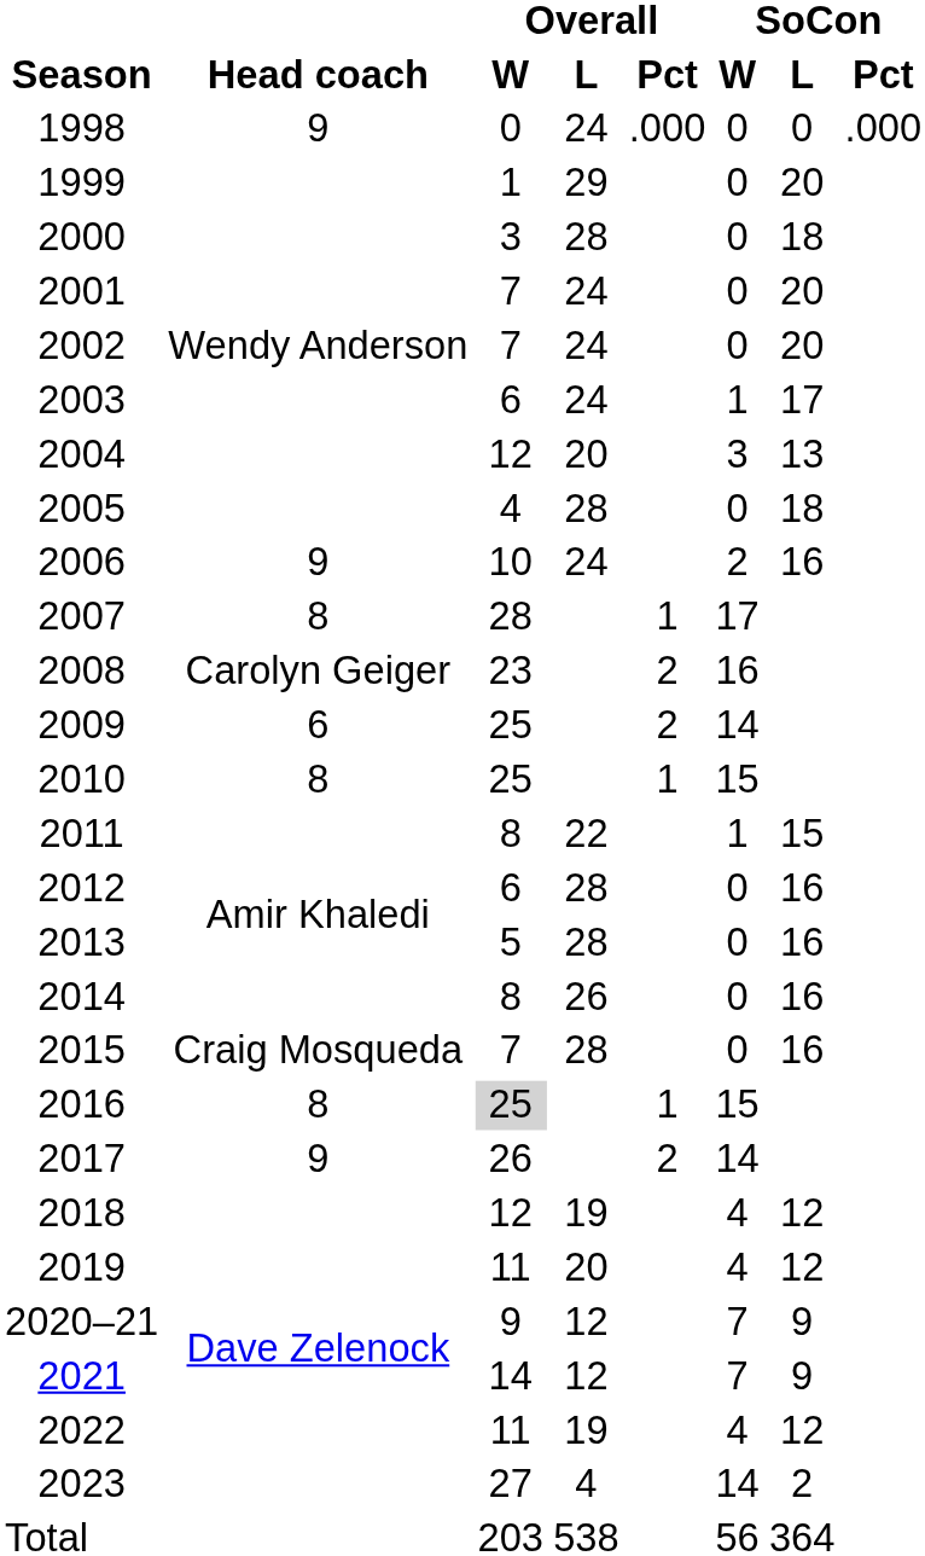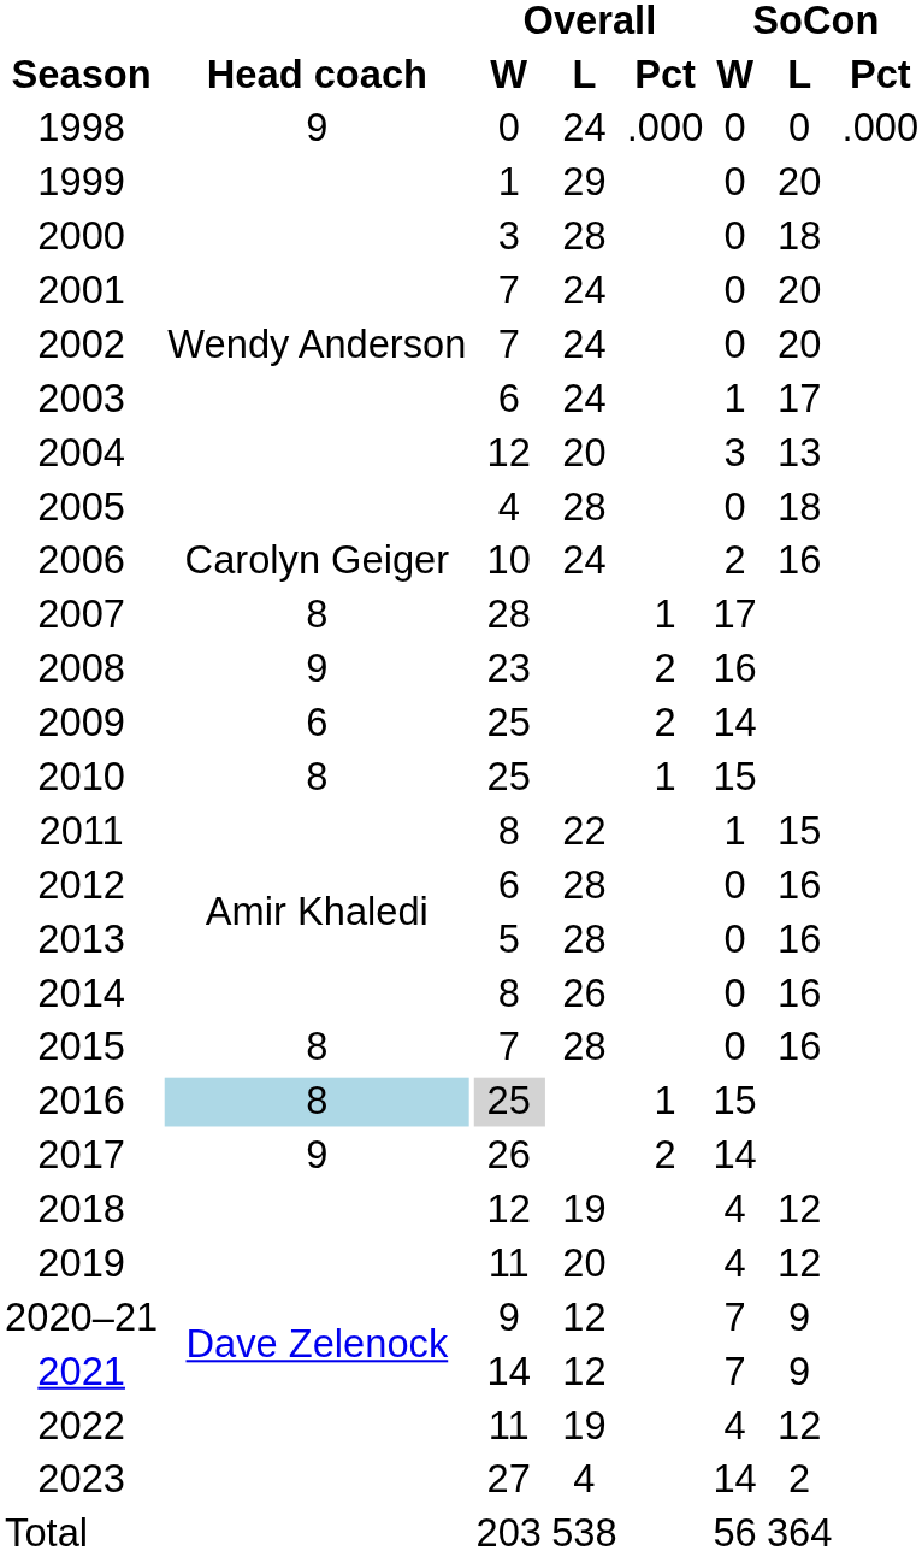 <table class="class="toccolours">
 <tr>
 <th></th>
 <th></th>
 <th colspan=3>Overall</th>
 <th colspan=3>SoCon</th>
 </tr>
 <tr>
 <th>Season</th>
 <th>Head coach</th>
 <th>W</th>
 <th>L</th>
 <th>Pct</th>
 <th>W</th>
 <th>L</th>
 <th>Pct</th>
 </tr>
 <tr align=center>
 <td>1998</td>
 <td>9</td>
 <td>0</td>
 <td>24</td>
 <td>.000</td>
 <td>0</td>
 <td>0</td>
 <td>.000</td>
 </tr>
 <tr align=center>
 <td>1999</td>
 <td rowspan=7>Wendy Anderson</td>
 <td>1</td>
 <td>29</td>
 <td></td>
 <td>0</td>
 <td>20</td>
 <td></td>
 </tr>
 <tr align=center>
 <td>2000</td>
 <td>3</td>
 <td>28</td>
 <td></td>
 <td>0</td>
 <td>18</td>
 <td></td>
 </tr>
 <tr align=center>
 <td>2001</td>
 <td>7</td>
 <td>24</td>
 <td></td>
 <td>0</td>
 <td>20</td>
 <td></td>
 </tr>
 <tr align=center>
 <td>2002</td>
 <td>7</td>
 <td>24</td>
 <td></td>
 <td>0</td>
 <td>20</td>
 <td></td>
 </tr>
 <tr align=center>
 <td>2003</td>
 <td>6</td>
 <td>24</td>
 <td></td>
 <td>1</td>
 <td>17</td>
 <td></td>
 </tr>
 <tr align=center>
 <td>2004</td>
 <td>12</td>
 <td>20</td>
 <td></td>
 <td>3</td>
 <td>13</td>
 <td></td>
 </tr>
 <tr align=center>
 <td>2005</td>
 <td>4</td>
 <td>28</td>
 <td></td>
 <td>0</td>
 <td>18</td>
 <td></td>
 </tr>
 <tr align=center>
 <td>2006</td>
-<td>9</td>
+<td>Carolyn Geiger</td>
 <td>10</td>
 <td>24</td>
 <td></td>
 <td>2</td>
 <td>16</td>
 <td></td>
 </tr>
 <tr align=center>
 <td>2007</td>
 <td>8</td>
 <td>28</td>
 <td></td>
 <td>1</td>
 <td>17</td>
 <td></td>
 </tr>
 <tr align=center>
 <td>2008</td>
-<td>Carolyn Geiger</td>
+<td>9</td>
 <td>23</td>
 <td></td>
 <td>2</td>
 <td>16</td>
 <td></td>
 </tr>
 <tr align=center>
 <td>2009</td>
 <td>6</td>
 <td>25</td>
 <td></td>
 <td>2</td>
 <td>14</td>
 <td></td>
 </tr>
 <tr align=center>
 <td>2010</td>
 <td>8</td>
 <td>25</td>
 <td></td>
 <td>1</td>
 <td>15</td>
 <td></td>
 </tr>
 <tr align=center>
 <td>2011</td>
 <td rowspan=4>Amir Khaledi</td>
 <td>8</td>
 <td>22</td>
 <td></td>
 <td>1</td>
 <td>15</td>
 <td></td>
 </tr>
 <tr align=center>
 <td>2012</td>
 <td>6</td>
 <td>28</td>
 <td></td>
 <td>0</td>
 <td>16</td>
 <td></td>
 </tr>
 <tr align=center>
 <td>2013</td>
 <td>5</td>
 <td>28</td>
 <td></td>
 <td>0</td>
 <td>16</td>
 <td></td>
 </tr>
 <tr align=center>
 <td>2014</td>
 <td>8</td>
 <td>26</td>
 <td></td>
 <td>0</td>
 <td>16</td>
 <td></td>
 </tr>
 <tr align=center>
 <td>2015</td>
-<td>Craig Mosqueda</td>
+<td>8</td>
 <td>7</td>
 <td>28</td>
 <td></td>
 <td>0</td>
 <td>16</td>
 <td></td>
 </tr>
 <tr align=center>
 <td>2016</td>
-<td>8</td>
+<td style="background: lightblue;">8</td>
 <td style="background: lightgrey;">25</td>
 <td></td>
 <td>1</td>
 <td>15</td>
 <td></td>
 </tr>
 <tr align=center>
 <td>2017</td>
 <td>9</td>
 <td>26</td>
 <td></td>
 <td>2</td>
 <td>14</td>
 <td></td>
 </tr>
 <tr align=center>
 <td>2018</td>
 <td rowspan=6><a href='#'>Dave Zelenock</a></td>
 <td>12</td>
 <td>19</td>
 <td></td>
 <td>4</td>
 <td>12</td>
 <td></td>
 </tr>
 <tr align=center>
 <td>2019</td>
 <td>11</td>
 <td>20</td>
 <td></td>
 <td>4</td>
 <td>12</td>
 <td></td>
 </tr>
 <tr align=center>
 <td>2020–21</td>
 <td>9</td>
 <td>12</td>
 <td></td>
 <td>7</td>
 <td>9</td>
 <td></td>
 </tr>
 <tr align=center>
 <td><a href='#'>2021</a></td>
 <td>14</td>
 <td>12</td>
 <td></td>
 <td>7</td>
 <td>9</td>
 <td></td>
 </tr>
 <tr align=center>
 <td>2022</td>
 <td>11</td>
 <td>19</td>
 <td></td>
 <td>4</td>
 <td>12</td>
 <td></td>
 </tr>
 <tr align=center>
 <td>2023</td>
 <td>27</td>
 <td>4</td>
 <td></td>
 <td>14</td>
 <td>2</td>
 <td></td>
 </tr>
 <tr>
 <td colspan=2>Total</td>
 <td>203</td>
 <td>538</td>
 <td></td>
 <td>56</td>
 <td>364</td>
 <td></td>
 </tr>
 </table>
